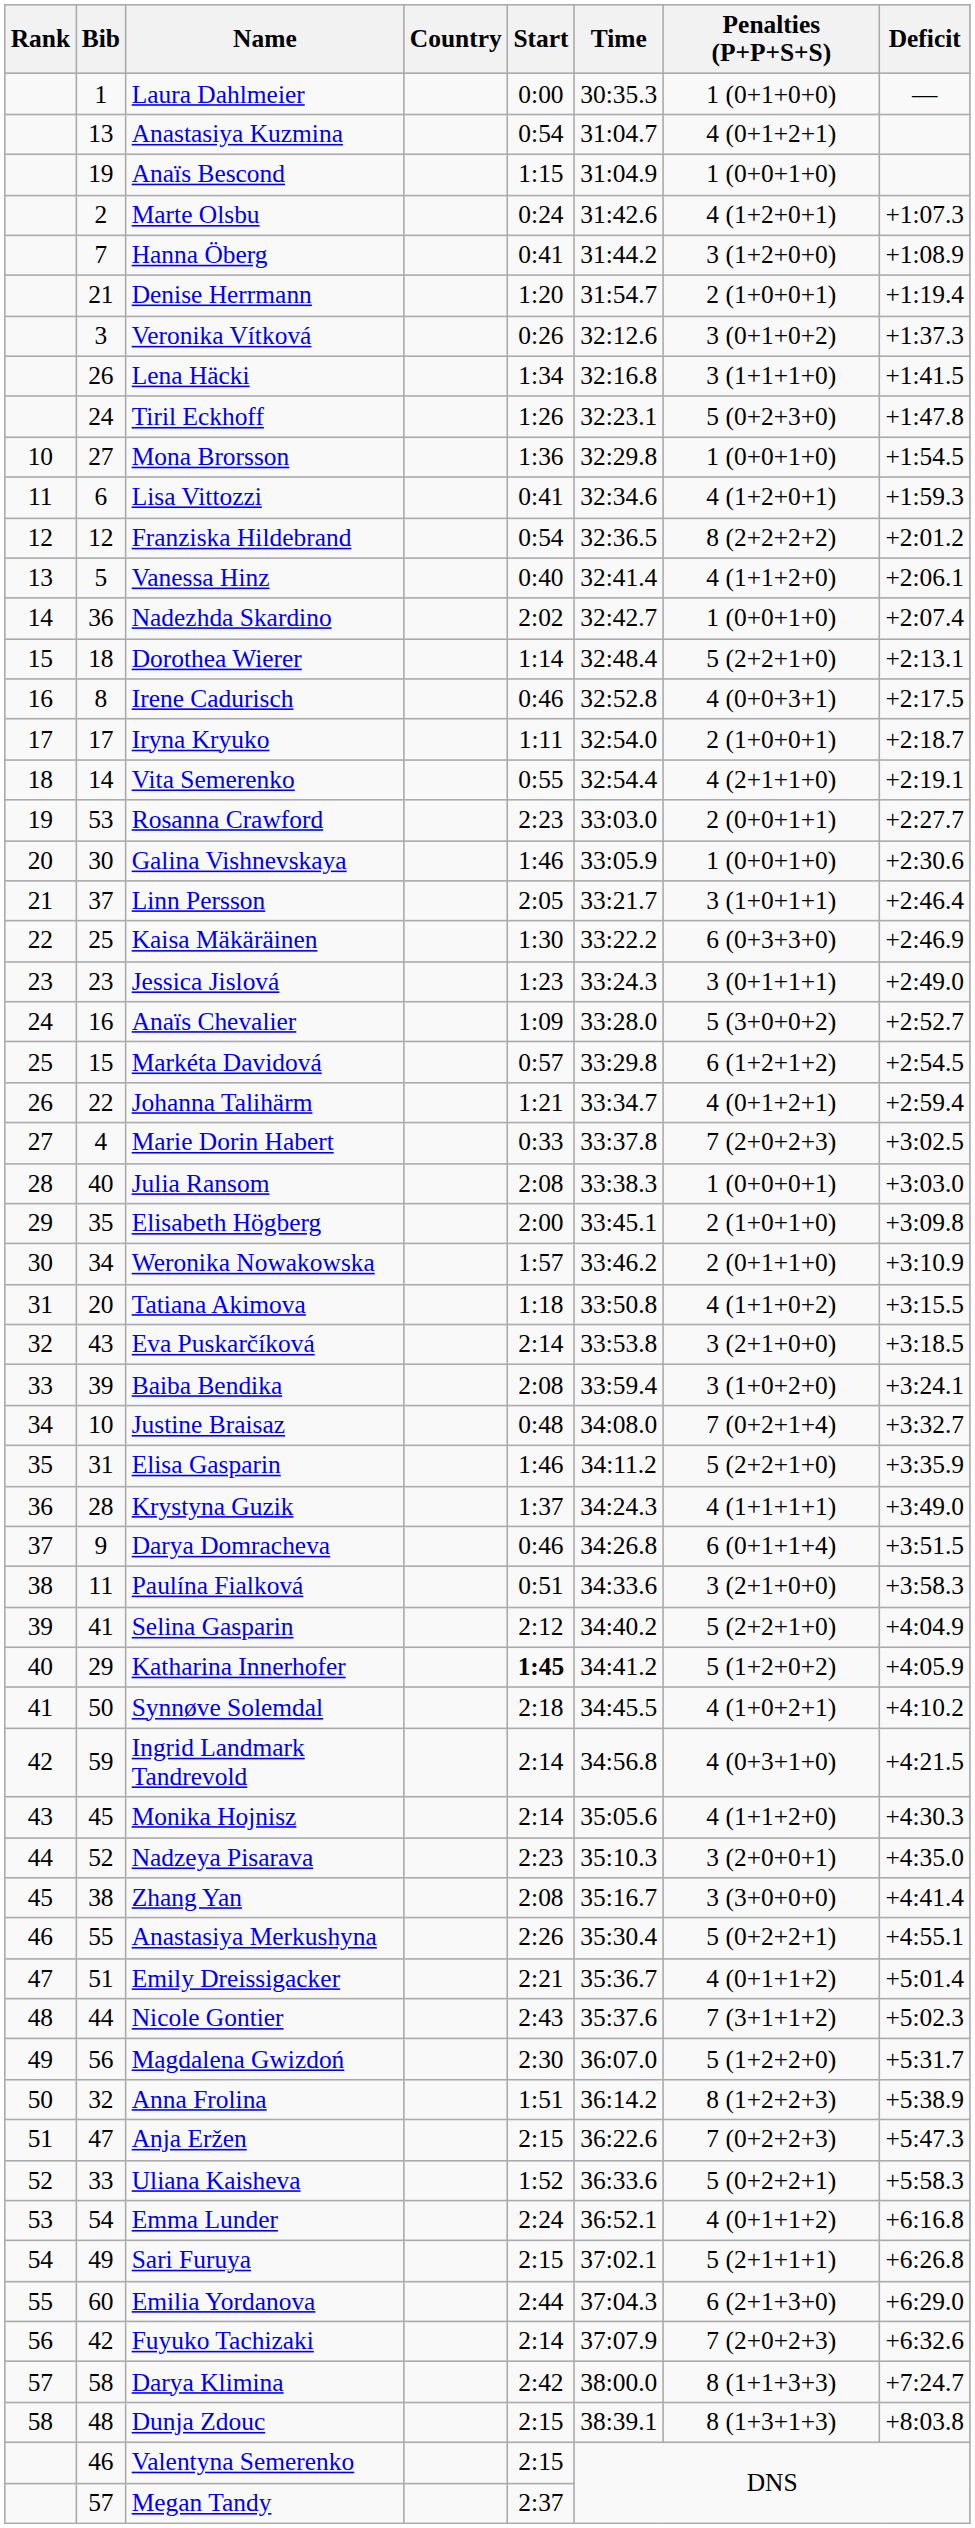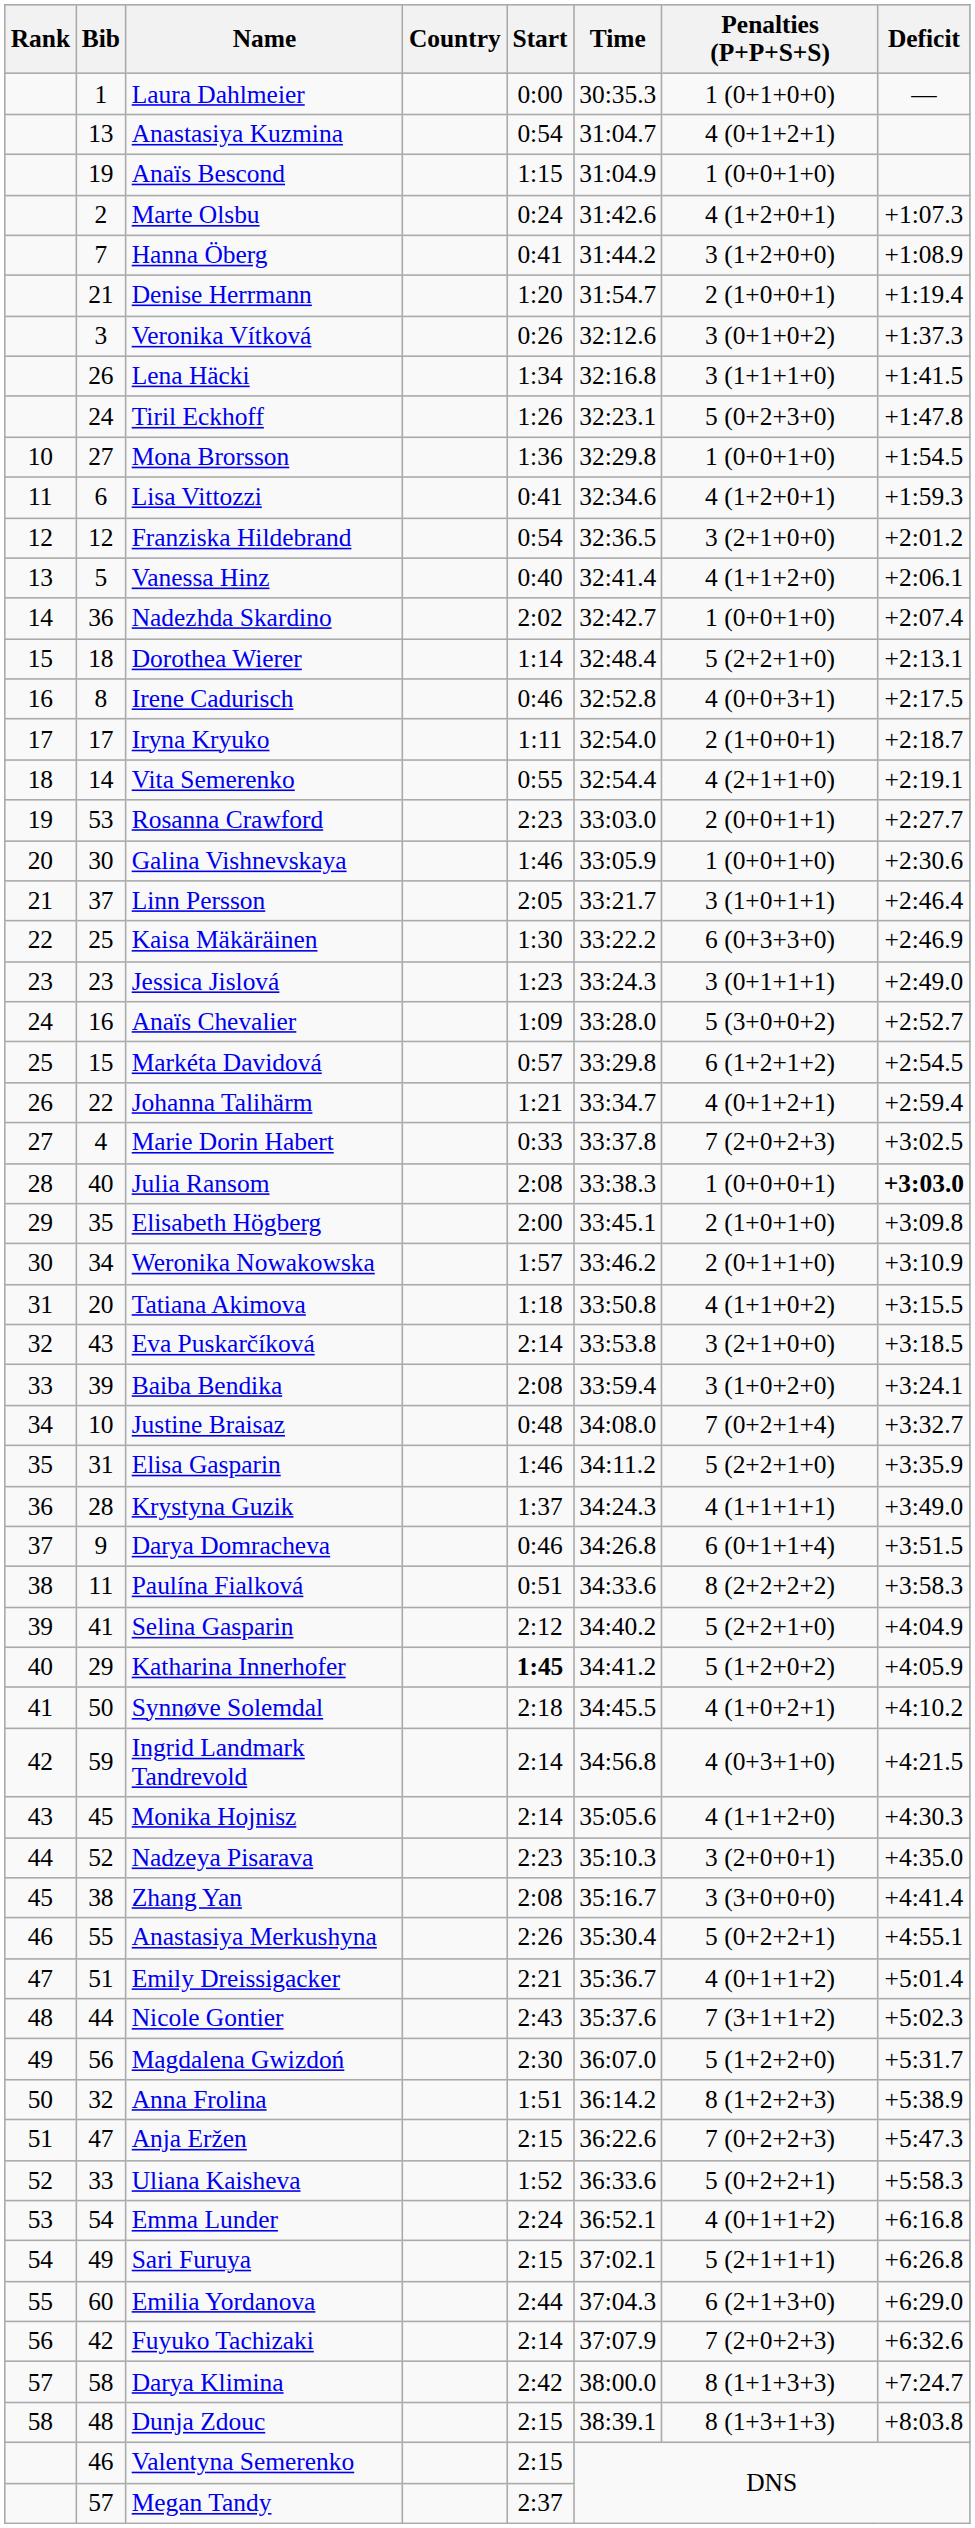 <table class="wikitable sortable" style="text-align:center">
 <tr>
 <th>Rank</th>
 <th>Bib</th>
 <th>Name</th>
 <th>Country</th>
 <th>Start</th>
 <th>Time</th>
 <th>Penalties (P+P+S+S)</th>
 <th>Deficit</th>
 </tr>
 <tr>
 <td></td>
 <td>1</td>
 <td align="left"><a href='#'>Laura Dahlmeier</a></td>
 <td align="left"></td>
 <td>0:00</td>
 <td>30:35.3</td>
 <td>1 (0+1+0+0)</td>
 <td>—</td>
 </tr>
 <tr>
 <td></td>
 <td>13</td>
 <td align="left"><a href='#'>Anastasiya Kuzmina</a></td>
 <td align="left"></td>
 <td>0:54</td>
 <td>31:04.7</td>
 <td>4 (0+1+2+1)</td>
 <td></td>
 </tr>
 <tr>
 <td></td>
 <td>19</td>
 <td align="left"><a href='#'>Anaïs Bescond</a></td>
 <td align="left"></td>
 <td>1:15</td>
 <td>31:04.9</td>
 <td>1 (0+0+1+0)</td>
 <td></td>
 </tr>
 <tr>
 <td></td>
 <td>2</td>
 <td align="left"><a href='#'>Marte Olsbu</a></td>
 <td align="left"></td>
 <td>0:24</td>
 <td>31:42.6</td>
 <td>4 (1+2+0+1)</td>
 <td>+1:07.3</td>
 </tr>
 <tr>
 <td></td>
 <td>7</td>
 <td align="left"><a href='#'>Hanna Öberg</a></td>
 <td align="left"></td>
 <td>0:41</td>
 <td>31:44.2</td>
 <td>3 (1+2+0+0)</td>
 <td>+1:08.9</td>
 </tr>
 <tr>
 <td></td>
 <td>21</td>
 <td align="left"><a href='#'>Denise Herrmann</a></td>
 <td align="left"></td>
 <td>1:20</td>
 <td>31:54.7</td>
 <td>2 (1+0+0+1)</td>
 <td>+1:19.4</td>
 </tr>
 <tr>
 <td></td>
 <td>3</td>
 <td align="left"><a href='#'>Veronika Vítková</a></td>
 <td align="left"></td>
 <td>0:26</td>
 <td>32:12.6</td>
 <td>3 (0+1+0+2)</td>
 <td>+1:37.3</td>
 </tr>
 <tr>
 <td></td>
 <td>26</td>
 <td align="left"><a href='#'>Lena Häcki</a></td>
 <td align="left"></td>
 <td>1:34</td>
 <td>32:16.8</td>
 <td>3 (1+1+1+0)</td>
 <td>+1:41.5</td>
 </tr>
 <tr>
 <td></td>
 <td>24</td>
 <td align="left"><a href='#'>Tiril Eckhoff</a></td>
 <td align="left"></td>
 <td>1:26</td>
 <td>32:23.1</td>
 <td>5 (0+2+3+0)</td>
 <td>+1:47.8</td>
 </tr>
 <tr>
 <td>10</td>
 <td>27</td>
 <td align="left"><a href='#'>Mona Brorsson</a></td>
 <td align="left"></td>
 <td>1:36</td>
 <td>32:29.8</td>
 <td>1 (0+0+1+0)</td>
 <td>+1:54.5</td>
 </tr>
 <tr>
 <td>11</td>
 <td>6</td>
 <td align="left"><a href='#'>Lisa Vittozzi</a></td>
 <td align="left"></td>
 <td>0:41</td>
 <td>32:34.6</td>
 <td>4 (1+2+0+1)</td>
 <td>+1:59.3</td>
 </tr>
 <tr>
 <td>12</td>
 <td>12</td>
 <td align="left"><a href='#'>Franziska Hildebrand</a></td>
 <td align="left"></td>
 <td>0:54</td>
 <td>32:36.5</td>
-<td>8 (2+2+2+2)</td>
+<td>3 (2+1+0+0)</td>
 <td>+2:01.2</td>
 </tr>
 <tr>
 <td>13</td>
 <td>5</td>
 <td align="left"><a href='#'>Vanessa Hinz</a></td>
 <td align="left"></td>
 <td>0:40</td>
 <td>32:41.4</td>
 <td>4 (1+1+2+0)</td>
 <td>+2:06.1</td>
 </tr>
 <tr>
 <td>14</td>
 <td>36</td>
 <td align="left"><a href='#'>Nadezhda Skardino</a></td>
 <td align="left"></td>
 <td>2:02</td>
 <td>32:42.7</td>
 <td>1 (0+0+1+0)</td>
 <td>+2:07.4</td>
 </tr>
 <tr>
 <td>15</td>
 <td>18</td>
 <td align="left"><a href='#'>Dorothea Wierer</a></td>
 <td align="left"></td>
 <td>1:14</td>
 <td>32:48.4</td>
 <td>5 (2+2+1+0)</td>
 <td>+2:13.1</td>
 </tr>
 <tr>
 <td>16</td>
 <td>8</td>
 <td align="left"><a href='#'>Irene Cadurisch</a></td>
 <td align="left"></td>
 <td>0:46</td>
 <td>32:52.8</td>
 <td>4 (0+0+3+1)</td>
 <td>+2:17.5</td>
 </tr>
 <tr>
 <td>17</td>
 <td>17</td>
 <td align="left"><a href='#'>Iryna Kryuko</a></td>
 <td align="left"></td>
 <td>1:11</td>
 <td>32:54.0</td>
 <td>2 (1+0+0+1)</td>
 <td>+2:18.7</td>
 </tr>
 <tr>
 <td>18</td>
 <td>14</td>
 <td align="left"><a href='#'>Vita Semerenko</a></td>
 <td align="left"></td>
 <td>0:55</td>
 <td>32:54.4</td>
 <td>4 (2+1+1+0)</td>
 <td>+2:19.1</td>
 </tr>
 <tr>
 <td>19</td>
 <td>53</td>
 <td align="left"><a href='#'>Rosanna Crawford</a></td>
 <td align="left"></td>
 <td>2:23</td>
 <td>33:03.0</td>
 <td>2 (0+0+1+1)</td>
 <td>+2:27.7</td>
 </tr>
 <tr>
 <td>20</td>
 <td>30</td>
 <td align="left"><a href='#'>Galina Vishnevskaya</a></td>
 <td align="left"></td>
 <td>1:46</td>
 <td>33:05.9</td>
 <td>1 (0+0+1+0)</td>
 <td>+2:30.6</td>
 </tr>
 <tr>
 <td>21</td>
 <td>37</td>
 <td align="left"><a href='#'>Linn Persson</a></td>
 <td align="left"></td>
 <td>2:05</td>
 <td>33:21.7</td>
 <td>3 (1+0+1+1)</td>
 <td>+2:46.4</td>
 </tr>
 <tr>
 <td>22</td>
 <td>25</td>
 <td align="left"><a href='#'>Kaisa Mäkäräinen</a></td>
 <td align="left"></td>
 <td>1:30</td>
 <td>33:22.2</td>
 <td>6 (0+3+3+0)</td>
 <td>+2:46.9</td>
 </tr>
 <tr>
 <td>23</td>
 <td>23</td>
 <td align="left"><a href='#'>Jessica Jislová</a></td>
 <td align="left"></td>
 <td>1:23</td>
 <td>33:24.3</td>
 <td>3 (0+1+1+1)</td>
 <td>+2:49.0</td>
 </tr>
 <tr>
 <td>24</td>
 <td>16</td>
 <td align="left"><a href='#'>Anaïs Chevalier</a></td>
 <td align="left"></td>
 <td>1:09</td>
 <td>33:28.0</td>
 <td>5 (3+0+0+2)</td>
 <td>+2:52.7</td>
 </tr>
 <tr>
 <td>25</td>
 <td>15</td>
 <td align="left"><a href='#'>Markéta Davidová</a></td>
 <td align="left"></td>
 <td>0:57</td>
 <td>33:29.8</td>
 <td>6 (1+2+1+2)</td>
 <td>+2:54.5</td>
 </tr>
 <tr>
 <td>26</td>
 <td>22</td>
 <td align="left"><a href='#'>Johanna Talihärm</a></td>
 <td align="left"></td>
 <td>1:21</td>
 <td>33:34.7</td>
 <td>4 (0+1+2+1)</td>
 <td>+2:59.4</td>
 </tr>
 <tr>
 <td>27</td>
 <td>4</td>
 <td align="left"><a href='#'>Marie Dorin Habert</a></td>
 <td align="left"></td>
 <td>0:33</td>
 <td>33:37.8</td>
 <td>7 (2+0+2+3)</td>
 <td>+3:02.5</td>
 </tr>
 <tr>
 <td>28</td>
 <td>40</td>
 <td align="left"><a href='#'>Julia Ransom</a></td>
 <td align="left"></td>
 <td>2:08</td>
 <td>33:38.3</td>
 <td>1 (0+0+0+1)</td>
-<td>+3:03.0</td>
+<td><strong>+3:03.0</strong></td>
 </tr>
 <tr>
 <td>29</td>
 <td>35</td>
 <td align="left"><a href='#'>Elisabeth Högberg</a></td>
 <td align="left"></td>
 <td>2:00</td>
 <td>33:45.1</td>
 <td>2 (1+0+1+0)</td>
 <td>+3:09.8</td>
 </tr>
 <tr>
 <td>30</td>
 <td>34</td>
 <td align="left"><a href='#'>Weronika Nowakowska</a></td>
 <td align="left"></td>
 <td>1:57</td>
 <td>33:46.2</td>
 <td>2 (0+1+1+0)</td>
 <td>+3:10.9</td>
 </tr>
 <tr>
 <td>31</td>
 <td>20</td>
 <td align="left"><a href='#'>Tatiana Akimova</a></td>
 <td align="left"></td>
 <td>1:18</td>
 <td>33:50.8</td>
 <td>4 (1+1+0+2)</td>
 <td>+3:15.5</td>
 </tr>
 <tr>
 <td>32</td>
 <td>43</td>
 <td align="left"><a href='#'>Eva Puskarčíková</a></td>
 <td align="left"></td>
 <td>2:14</td>
 <td>33:53.8</td>
 <td>3 (2+1+0+0)</td>
 <td>+3:18.5</td>
 </tr>
 <tr>
 <td>33</td>
 <td>39</td>
 <td align="left"><a href='#'>Baiba Bendika</a></td>
 <td align="left"></td>
 <td>2:08</td>
 <td>33:59.4</td>
 <td>3 (1+0+2+0)</td>
 <td>+3:24.1</td>
 </tr>
 <tr>
 <td>34</td>
 <td>10</td>
 <td align="left"><a href='#'>Justine Braisaz</a></td>
 <td align="left"></td>
 <td>0:48</td>
 <td>34:08.0</td>
 <td>7 (0+2+1+4)</td>
 <td>+3:32.7</td>
 </tr>
 <tr>
 <td>35</td>
 <td>31</td>
 <td align="left"><a href='#'>Elisa Gasparin</a></td>
 <td align="left"></td>
 <td>1:46</td>
 <td>34:11.2</td>
 <td>5 (2+2+1+0)</td>
 <td>+3:35.9</td>
 </tr>
 <tr>
 <td>36</td>
 <td>28</td>
 <td align="left"><a href='#'>Krystyna Guzik</a></td>
 <td align="left"></td>
 <td>1:37</td>
 <td>34:24.3</td>
 <td>4 (1+1+1+1)</td>
 <td>+3:49.0</td>
 </tr>
 <tr>
 <td>37</td>
 <td>9</td>
 <td align="left"><a href='#'>Darya Domracheva</a></td>
 <td align="left"></td>
 <td>0:46</td>
 <td>34:26.8</td>
 <td>6 (0+1+1+4)</td>
 <td>+3:51.5</td>
 </tr>
 <tr>
 <td>38</td>
 <td>11</td>
 <td align="left"><a href='#'>Paulína Fialková</a></td>
 <td align="left"></td>
 <td>0:51</td>
 <td>34:33.6</td>
-<td>3 (2+1+0+0)</td>
+<td>8 (2+2+2+2)</td>
 <td>+3:58.3</td>
 </tr>
 <tr>
 <td>39</td>
 <td>41</td>
 <td align="left"><a href='#'>Selina Gasparin</a></td>
 <td align="left"></td>
 <td>2:12</td>
 <td>34:40.2</td>
 <td>5 (2+2+1+0)</td>
 <td>+4:04.9</td>
 </tr>
 <tr>
 <td>40</td>
 <td>29</td>
 <td align="left"><a href='#'>Katharina Innerhofer</a></td>
 <td align="left"></td>
 <td><strong>1:45</strong></td>
 <td>34:41.2</td>
 <td>5 (1+2+0+2)</td>
 <td>+4:05.9</td>
 </tr>
 <tr>
 <td>41</td>
 <td>50</td>
 <td align="left"><a href='#'>Synnøve Solemdal</a></td>
 <td align="left"></td>
 <td>2:18</td>
 <td>34:45.5</td>
 <td>4 (1+0+2+1)</td>
 <td>+4:10.2</td>
 </tr>
 <tr>
 <td>42</td>
 <td>59</td>
 <td align="left"><a href='#'>Ingrid Landmark Tandrevold</a></td>
 <td align="left"></td>
 <td>2:14</td>
 <td>34:56.8</td>
 <td>4 (0+3+1+0)</td>
 <td>+4:21.5</td>
 </tr>
 <tr>
 <td>43</td>
 <td>45</td>
 <td align="left"><a href='#'>Monika Hojnisz</a></td>
 <td align="left"></td>
 <td>2:14</td>
 <td>35:05.6</td>
 <td>4 (1+1+2+0)</td>
 <td>+4:30.3</td>
 </tr>
 <tr>
 <td>44</td>
 <td>52</td>
 <td align="left"><a href='#'>Nadzeya Pisarava</a></td>
 <td align="left"></td>
 <td>2:23</td>
 <td>35:10.3</td>
 <td>3 (2+0+0+1)</td>
 <td>+4:35.0</td>
 </tr>
 <tr>
 <td>45</td>
 <td>38</td>
 <td align="left"><a href='#'>Zhang Yan</a></td>
 <td align="left"></td>
 <td>2:08</td>
 <td>35:16.7</td>
 <td>3 (3+0+0+0)</td>
 <td>+4:41.4</td>
 </tr>
 <tr>
 <td>46</td>
 <td>55</td>
 <td align="left"><a href='#'>Anastasiya Merkushyna</a></td>
 <td align="left"></td>
 <td>2:26</td>
 <td>35:30.4</td>
 <td>5 (0+2+2+1)</td>
 <td>+4:55.1</td>
 </tr>
 <tr>
 <td>47</td>
 <td>51</td>
 <td align="left"><a href='#'>Emily Dreissigacker</a></td>
 <td align="left"></td>
 <td>2:21</td>
 <td>35:36.7</td>
 <td>4 (0+1+1+2)</td>
 <td>+5:01.4</td>
 </tr>
 <tr>
 <td>48</td>
 <td>44</td>
 <td align="left"><a href='#'>Nicole Gontier</a></td>
 <td align="left"></td>
 <td>2:43</td>
 <td>35:37.6</td>
 <td>7 (3+1+1+2)</td>
 <td>+5:02.3</td>
 </tr>
 <tr>
 <td>49</td>
 <td>56</td>
 <td align="left"><a href='#'>Magdalena Gwizdoń</a></td>
 <td align="left"></td>
 <td>2:30</td>
 <td>36:07.0</td>
 <td>5 (1+2+2+0)</td>
 <td>+5:31.7</td>
 </tr>
 <tr>
 <td>50</td>
 <td>32</td>
 <td align="left"><a href='#'>Anna Frolina</a></td>
 <td align="left"></td>
 <td>1:51</td>
 <td>36:14.2</td>
 <td>8 (1+2+2+3)</td>
 <td>+5:38.9</td>
 </tr>
 <tr>
 <td>51</td>
 <td>47</td>
 <td align="left"><a href='#'>Anja Eržen</a></td>
 <td align="left"></td>
 <td>2:15</td>
 <td>36:22.6</td>
 <td>7 (0+2+2+3)</td>
 <td>+5:47.3</td>
 </tr>
 <tr>
 <td>52</td>
 <td>33</td>
 <td align="left"><a href='#'>Uliana Kaisheva</a></td>
 <td align="left"></td>
 <td>1:52</td>
 <td>36:33.6</td>
 <td>5 (0+2+2+1)</td>
 <td>+5:58.3</td>
 </tr>
 <tr>
 <td>53</td>
 <td>54</td>
 <td align="left"><a href='#'>Emma Lunder</a></td>
 <td align="left"></td>
 <td>2:24</td>
 <td>36:52.1</td>
 <td>4 (0+1+1+2)</td>
 <td>+6:16.8</td>
 </tr>
 <tr>
 <td>54</td>
 <td>49</td>
 <td align="left"><a href='#'>Sari Furuya</a></td>
 <td align="left"></td>
 <td>2:15</td>
 <td>37:02.1</td>
 <td>5 (2+1+1+1)</td>
 <td>+6:26.8</td>
 </tr>
 <tr>
 <td>55</td>
 <td>60</td>
 <td align="left"><a href='#'>Emilia Yordanova</a></td>
 <td align="left"></td>
 <td>2:44</td>
 <td>37:04.3</td>
 <td>6 (2+1+3+0)</td>
 <td>+6:29.0</td>
 </tr>
 <tr>
 <td>56</td>
 <td>42</td>
 <td align="left"><a href='#'>Fuyuko Tachizaki</a></td>
 <td align="left"></td>
 <td>2:14</td>
 <td>37:07.9</td>
 <td>7 (2+0+2+3)</td>
 <td>+6:32.6</td>
 </tr>
 <tr>
 <td>57</td>
 <td>58</td>
 <td align="left"><a href='#'>Darya Klimina</a></td>
 <td align="left"></td>
 <td>2:42</td>
 <td>38:00.0</td>
 <td>8 (1+1+3+3)</td>
 <td>+7:24.7</td>
 </tr>
 <tr>
 <td>58</td>
 <td>48</td>
 <td align="left"><a href='#'>Dunja Zdouc</a></td>
 <td align="left"></td>
 <td>2:15</td>
 <td>38:39.1</td>
 <td>8 (1+3+1+3)</td>
 <td>+8:03.8</td>
 </tr>
 <tr>
 <td></td>
 <td>46</td>
 <td align="left"><a href='#'>Valentyna Semerenko</a></td>
 <td align="left"></td>
 <td>2:15</td>
 <td colspan=3 rowspan=2>DNS</td>
 </tr>
 <tr>
 <td></td>
 <td>57</td>
 <td align="left"><a href='#'>Megan Tandy</a></td>
 <td align="left"></td>
 <td>2:37</td>
 </tr>
 </table>
